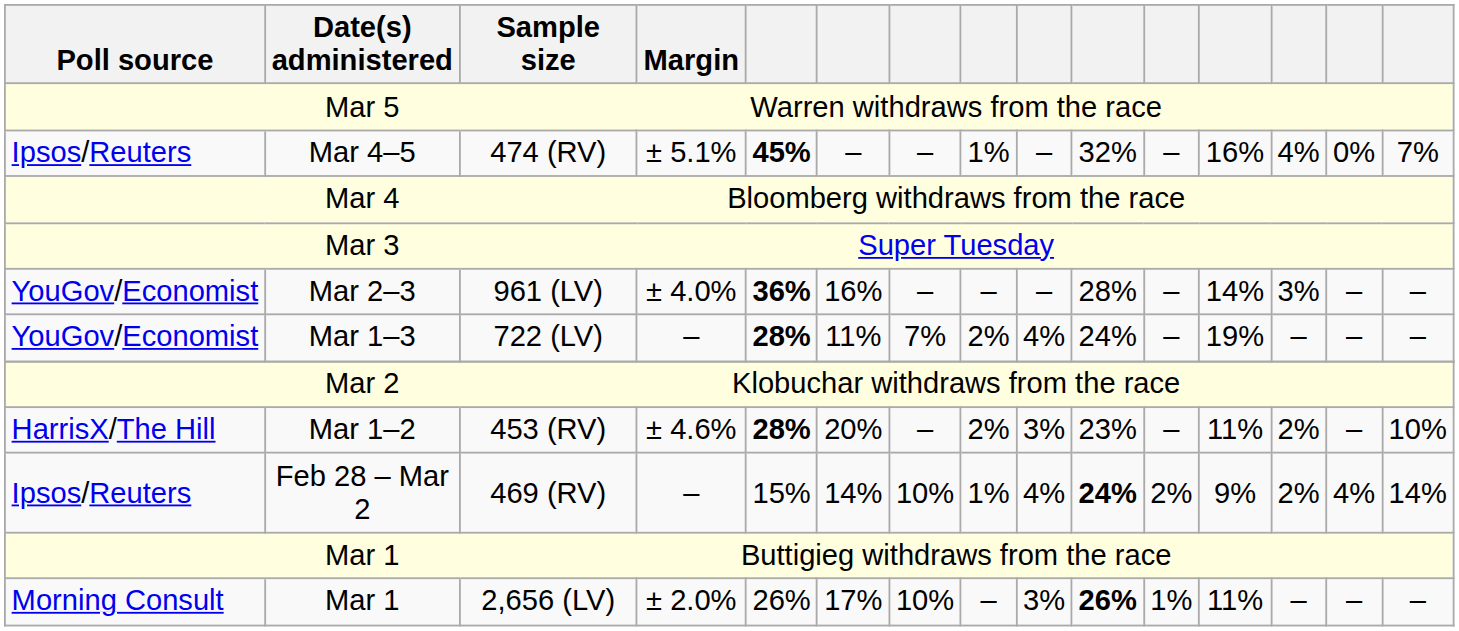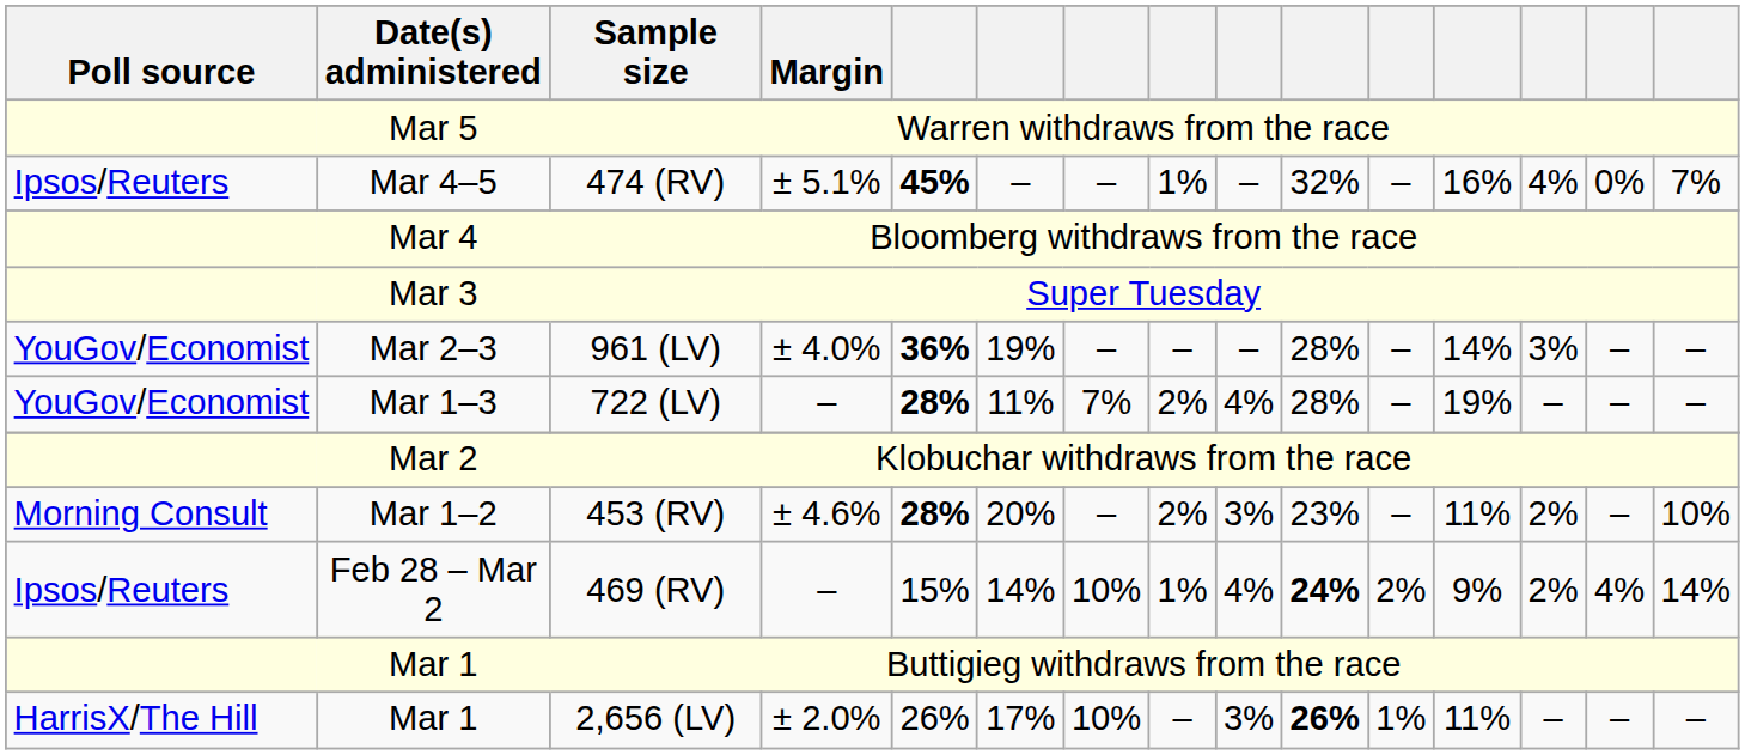 <table class="wikitable sortable" style="text-align:center;">
 <tr valign=bottom>
 <th style="background-position: right 85%;">Poll source</th>
 <th style="width:90px; background-position: right 85%;">Date(s)<br>administered</th>
 <th style="width:90px; background-position: right 85%;">Sample<br>size</th>
 <th style="width:50px; background-position: right 85%;">Margin<br></th>
 <th></th>
 <th></th>
 <th></th>
 <th></th>
 <th></th>
 <th></th>
 <th></th>
 <th></th>
 <th></th>
 <th></th>
 <th></th>
 </tr>
 <tr style="background:lightyellow;">
 <td style="border-right-style:hidden;"></td>
 <td style="border-right-style:hidden;">Mar 5</td>
 <td colspan="13">Warren withdraws from the race</td>
 </tr>
 <tr>
 <td style="text-align:left;"><a href='#'>Ipsos</a>/<a href='#'>Reuters</a></td>
 <td>Mar 4–5</td>
 <td>474 (RV)</td>
 <td>± 5.1%</td>
 <td><strong>45%</strong></td>
 <td>–</td>
 <td>–</td>
 <td>1%</td>
 <td>–</td>
 <td>32%</td>
 <td>–</td>
 <td>16%</td>
 <td>4%</td>
 <td>0%</td>
 <td>7%</td>
 </tr>
 <tr style="background:lightyellow;">
 <td style="border-right-style:hidden;"></td>
 <td style="border-right-style:hidden;">Mar 4</td>
 <td colspan="13">Bloomberg withdraws from the race</td>
 </tr>
 <tr style="background:lightyellow;">
 <td style="border-right-style:hidden;"></td>
 <td style="border-right-style:hidden;">Mar 3</td>
 <td colspan="13"><a href='#'>Super Tuesday</a></td>
 </tr>
 <tr>
 <td style="text-align:left;"><a href='#'>YouGov</a>/<a href='#'>Economist</a></td>
 <td>Mar 2–3</td>
 <td>961 (LV)</td>
 <td>± 4.0%</td>
 <td><strong>36%</strong></td>
-<td>16%</td>
+<td>19%</td>
 <td>–</td>
 <td>–</td>
 <td>–</td>
 <td>28%</td>
 <td>–</td>
 <td>14%</td>
 <td>3%</td>
 <td>–</td>
 <td>–</td>
 </tr>
 <tr>
 <td style="text-align:left;"><a href='#'>YouGov</a>/<a href='#'>Economist</a></td>
 <td>Mar 1–3</td>
 <td>722 (LV)</td>
 <td>–</td>
 <td><strong>28%</strong></td>
 <td>11%</td>
 <td>7%</td>
 <td>2%</td>
 <td>4%</td>
-<td>24%</td>
+<td>28%</td>
 <td>–</td>
 <td>19%</td>
 <td>–</td>
 <td>–</td>
 <td>–</td>
 </tr>
 <tr>
 </tr>
 <tr style="background:lightyellow;">
 <td style="border-right-style:hidden;"></td>
 <td style="border-right-style:hidden;">Mar 2</td>
 <td colspan="13">Klobuchar withdraws from the race</td>
 </tr>
 <tr>
-<td style="text-align:left;"><a href='#'>HarrisX</a>/<a href='#'>The Hill</a></td>
+<td style="text-align:left;"><a href='#'>Morning Consult</a></td>
 <td>Mar 1–2</td>
 <td>453 (RV)</td>
 <td>± 4.6%</td>
 <td><strong>28%</strong></td>
 <td>20%</td>
 <td>–</td>
 <td>2%</td>
 <td>3%</td>
 <td>23%</td>
 <td>–</td>
 <td>11%</td>
 <td>2%</td>
 <td>–</td>
 <td>10%</td>
 </tr>
 <tr>
 <td style="text-align:left;"><a href='#'>Ipsos</a>/<a href='#'>Reuters</a></td>
 <td>Feb 28 – Mar 2</td>
 <td>469 (RV)</td>
 <td>–</td>
 <td>15%</td>
 <td>14%</td>
 <td>10%</td>
 <td>1%</td>
 <td>4%</td>
 <td><strong>24%</strong></td>
 <td>2%</td>
 <td>9%</td>
 <td>2%</td>
 <td>4%</td>
 <td>14%</td>
 </tr>
 <tr style="background:lightyellow;">
 <td style="border-right-style:hidden;"></td>
 <td style="border-right-style:hidden;">Mar 1</td>
 <td colspan="13">Buttigieg withdraws from the race</td>
 </tr>
 <tr>
-<td style="text-align:left;"><a href='#'>Morning Consult</a></td>
+<td style="text-align:left;"><a href='#'>HarrisX</a>/<a href='#'>The Hill</a></td>
 <td>Mar 1</td>
 <td>2,656 (LV)</td>
 <td>± 2.0%</td>
 <td>26%</td>
 <td>17%</td>
 <td>10%</td>
 <td>–</td>
 <td>3%</td>
 <td><strong>26%</strong></td>
 <td>1%</td>
 <td>11%</td>
 <td>–</td>
 <td>–</td>
 <td>–</td>
 </tr>
 </table>
